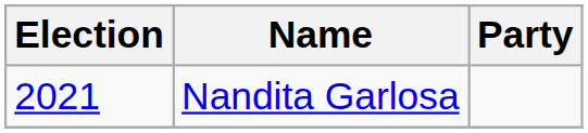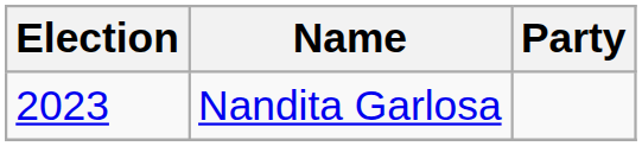 <table class="wikitable sortable">
 <tr>
 <th>Election</th>
 <th>Name</th>
 <th colspan="2">Party</th>
 </tr>
 <tr>
-<td><a href='#'>2021</a></td>
+<td><a href='#'>2023</a></td>
 <td><a href='#'>Nandita Garlosa</a></td>
 <td></td>
 </tr>
 <tr>
 </tr>
 </table>
